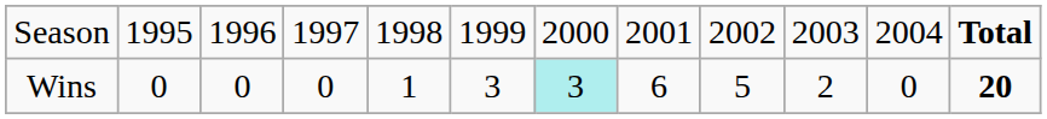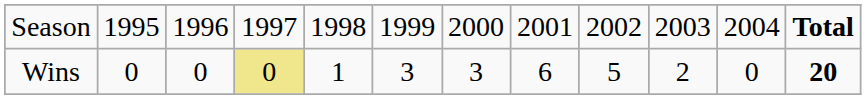 <table class="wikitable sortable">
 <tr>
 <td>Season</td>
 <td>1995</td>
 <td>1996</td>
 <td>1997</td>
 <td>1998</td>
 <td>1999</td>
 <td>2000</td>
 <td>2001</td>
 <td>2002</td>
 <td>2003</td>
 <td>2004</td>
 <td><strong>Total</strong></td>
 </tr>
 <tr align=center>
 <td>Wins</td>
 <td>0</td>
 <td>0</td>
-<td>0</td>
+<td style="background: khaki;">0</td>
 <td>1</td>
 <td>3</td>
-<td style="background: paleturquoise;">3</td>
+<td>3</td>
 <td>6</td>
 <td>5</td>
 <td>2</td>
 <td>0</td>
 <td><strong>20</strong></td>
 </tr>
 </table>
